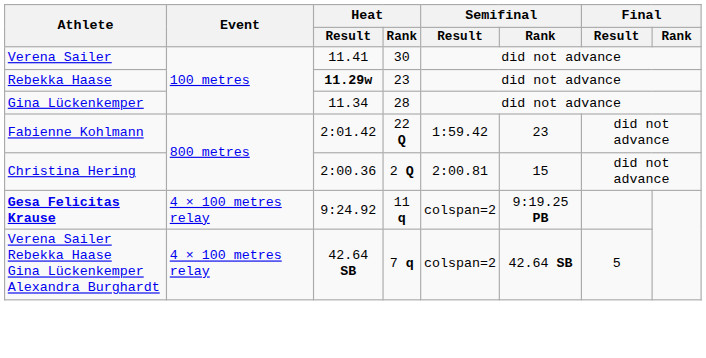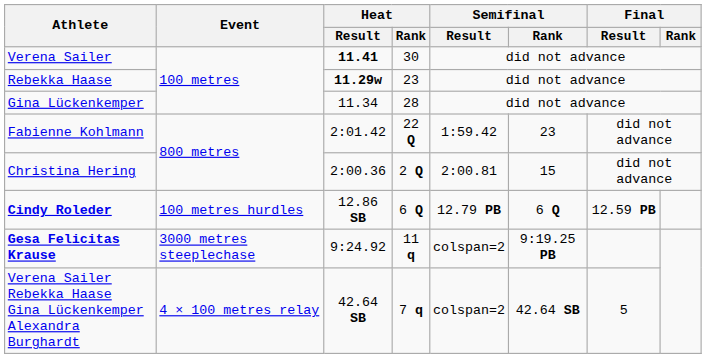 <table class="wikitable" style="font-size:90%">
 <tr>
 <th rowspan="2">Athlete</th>
 <th rowspan="2">Event</th>
 <th colspan="2">Heat</th>
 <th colspan="2">Semifinal</th>
 <th colspan="2">Final</th>
 </tr>
 <tr style="font-size:95%">
 <th>Result</th>
 <th>Rank</th>
 <th>Result</th>
 <th>Rank</th>
 <th>Result</th>
 <th>Rank</th>
 </tr>
 <tr style=text-align:center>
 <td style=text-align:left><a href='#'>Verena Sailer</a></td>
 <td style=text-align:left rowspan=3><a href='#'>100 metres</a></td>
-<td>11.41</td>
+<td><strong>11.41</strong></td>
 <td>30</td>
 <td colspan=4>did not advance</td>
 </tr>
 <tr style=text-align:center>
 <td style=text-align:left><a href='#'>Rebekka Haase</a></td>
 <td><strong>11.29w</strong></td>
 <td>23</td>
 <td colspan=4>did not advance</td>
 </tr>
 <tr style=text-align:center>
 <td style=text-align:left><a href='#'>Gina Lückenkemper</a></td>
 <td>11.34</td>
 <td>28</td>
 <td colspan=4>did not advance</td>
 </tr>
 <tr style=text-align:center>
 <td style=text-align:left><a href='#'>Fabienne Kohlmann</a></td>
 <td style=text-align:left rowspan=2><a href='#'>800 metres</a></td>
 <td>2:01.42</td>
 <td>22 <strong>Q</strong></td>
 <td>1:59.42</td>
 <td>23</td>
 <td colspan=2>did not advance</td>
 </tr>
 <tr style=text-align:center>
 <td style=text-align:left><a href='#'>Christina Hering</a></td>
 <td>2:00.36</td>
 <td>2 <strong>Q</strong></td>
 <td>2:00.81</td>
 <td>15</td>
 <td colspan=2>did not advance</td>
 </tr>
 <tr style=text-align:center>
+<td style=text-align:left><strong><a href='#'>Cindy Roleder</a></strong></td>
+<td style=text-align:left><a href='#'>100 metres hurdles</a></td>
+<td>12.86 <strong>SB</strong></td>
+<td>6 <strong>Q</strong></td>
+<td>12.79 <strong>PB</strong></td>
+<td>6 <strong>Q</strong></td>
+<td>12.59 <strong>PB</strong></td>
+<td></td>
+</tr>
+<tr style=text-align:center>
 <td style=text-align:left><strong><a href='#'>Gesa Felicitas Krause</a></strong></td>
-<td style=text-align:left><a href='#'>4 × 100 metres relay</a></td>
+<td style=text-align:left><a href='#'>3000 metres steeplechase</a></td>
 <td>9:24.92</td>
 <td>11 <strong>q</strong></td>
 <td>colspan=2 </td>
 <td>9:19.25 <strong>PB</strong></td>
 <td></td>
 </tr>
 <tr style=text-align:center>
 <td style=text-align:left><a href='#'>Verena Sailer</a><br><a href='#'>Rebekka Haase</a><br><a href='#'>Gina Lückenkemper</a><br><a href='#'>Alexandra Burghardt</a></td>
 <td style=text-align:left><a href='#'>4 × 100 metres relay</a></td>
 <td>42.64 <strong>SB</strong></td>
 <td>7 <strong>q</strong></td>
 <td>colspan=2 </td>
 <td>42.64 <strong>SB</strong></td>
 <td>5</td>
 </tr>
 </table>
